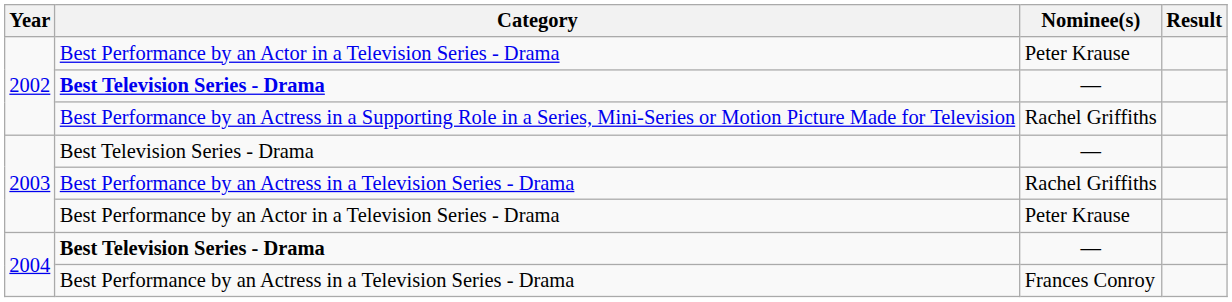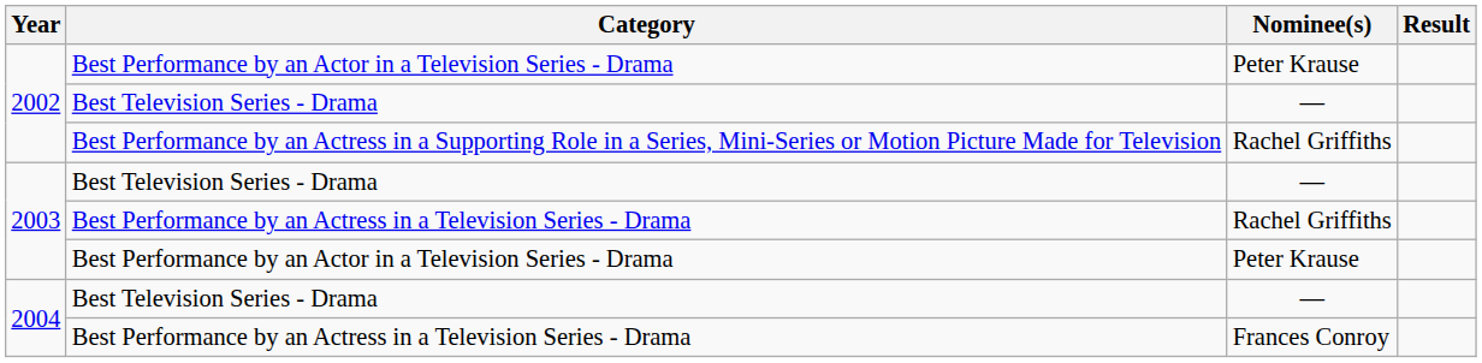 <table class="wikitable">
 <tr>
 <th>Year</th>
 <th>Category</th>
 <th>Nominee(s)</th>
 <th>Result</th>
 </tr>
 <tr>
 <td rowspan=3><a href='#'>2002</a></td>
 <td><a href='#'>Best Performance by an Actor in a Television Series - Drama</a></td>
 <td>Peter Krause</td>
 <td></td>
 </tr>
 <tr>
-<td><strong><a href='#'>Best Television Series - Drama</a></strong></td>
+<td><a href='#'>Best Television Series - Drama</a></td>
 <td align="center">—</td>
 <td></td>
 </tr>
 <tr>
 <td><a href='#'>Best Performance by an Actress in a Supporting Role in a Series, Mini-Series or Motion Picture Made for Television</a></td>
 <td>Rachel Griffiths</td>
 <td></td>
 </tr>
 <tr>
 <td rowspan=3><a href='#'>2003</a></td>
 <td>Best Television Series - Drama</td>
 <td align="center">—</td>
 <td></td>
 </tr>
 <tr>
 <td><a href='#'>Best Performance by an Actress in a Television Series - Drama</a></td>
 <td>Rachel Griffiths</td>
 <td></td>
 </tr>
 <tr>
 <td>Best Performance by an Actor in a Television Series - Drama</td>
 <td>Peter Krause</td>
 <td></td>
 </tr>
 <tr>
 <td rowspan=2><a href='#'>2004</a></td>
-<td><strong>Best Television Series - Drama</strong></td>
+<td>Best Television Series - Drama</td>
 <td align="center">—</td>
 <td></td>
 </tr>
 <tr>
 <td>Best Performance by an Actress in a Television Series - Drama</td>
 <td>Frances Conroy</td>
 <td></td>
 </tr>
 </table>
